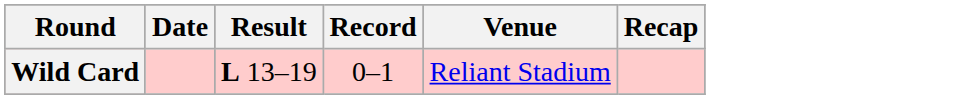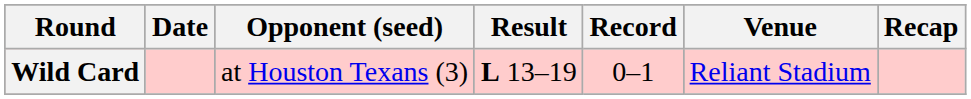 <table class="wikitable" style="text-align:center">
 <tr>
 <th>Round</th>
 <th>Date</th>
+<th>Opponent (seed)</th>
 <th>Result</th>
 <th>Record</th>
 <th>Venue</th>
 <th>Recap</th>
 </tr>
 <tr style="background:#fcc">
 <th>Wild Card</th>
 <td></td>
+<td>at <a href='#'>Houston Texans</a> (3)</td>
 <td><strong>L</strong> 13–19</td>
 <td>0–1</td>
 <td><a href='#'>Reliant Stadium</a></td>
 <td></td>
 </tr>
 </table>
